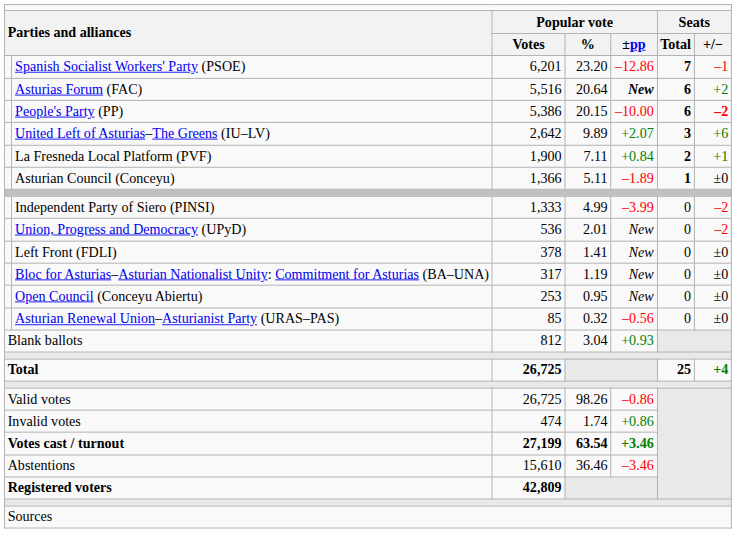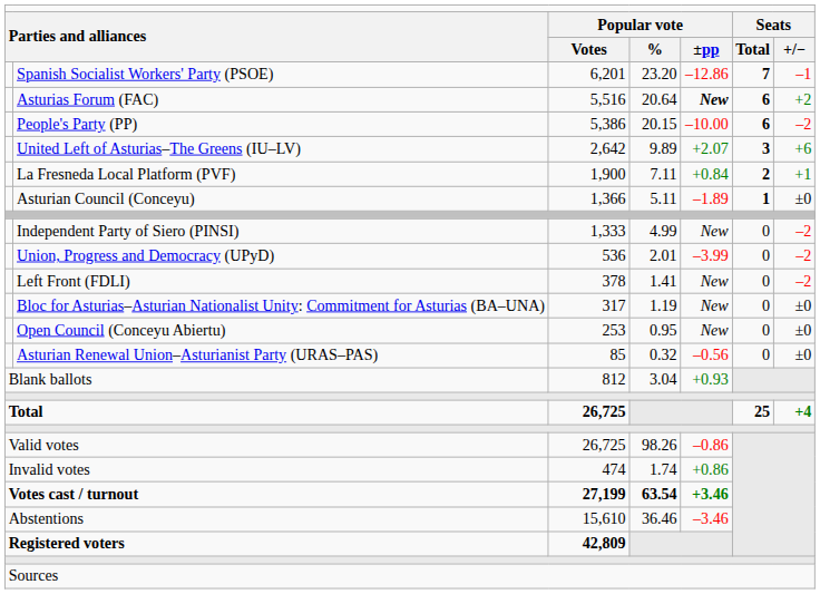 <table class="wikitable" style="text-align:right;">
 <tr>
 <td colspan="7"></td>
 </tr>
 <tr>
 <th style="text-align:left;" rowspan="2" colspan="2" width="525">Parties and alliances</th>
 <th colspan="3">Popular vote</th>
 <th colspan="2">Seats</th>
 </tr>
 <tr>
 <th width="75">Votes</th>
 <th width="45">%</th>
 <th width="45">±<a href='#'>pp</a></th>
 <th width="35">Total</th>
 <th width="35">+/−</th>
 </tr>
 <tr>
 <td width="1" style="color:inherit;background:"></td>
 <td align="left"><a href='#'>Spanish Socialist Workers' Party</a> (PSOE)</td>
 <td>6,201</td>
 <td>23.20</td>
 <td style="color:red;">–12.86</td>
 <td><strong>7</strong></td>
 <td style="color:red;">–1</td>
 </tr>
 <tr>
 <td style="color:inherit;background:"></td>
 <td align="left"><a href='#'>Asturias Forum</a> (FAC)</td>
 <td>5,516</td>
 <td>20.64</td>
 <td><strong><em>New</em></strong></td>
 <td><strong>6</strong></td>
 <td style="color:green;">+2</td>
 </tr>
 <tr>
 <td style="color:inherit;background:"></td>
 <td align="left"><a href='#'>People's Party</a> (PP)</td>
 <td>5,386</td>
 <td>20.15</td>
 <td style="color:red;">–10.00</td>
 <td><strong>6</strong></td>
-<td style="color:red;"><strong>–2</strong></td>
+<td style="color:red;">–2</td>
 </tr>
 <tr>
 <td style="color:inherit;background:"></td>
 <td align="left"><a href='#'>United Left of Asturias</a>–<a href='#'>The Greens</a> (IU–LV)</td>
 <td>2,642</td>
 <td>9.89</td>
 <td style="color:green;">+2.07</td>
 <td><strong>3</strong></td>
 <td style="color:green;">+6</td>
 </tr>
 <tr>
 <td style="color:inherit;background:"></td>
 <td align="left">La Fresneda Local Platform (PVF)</td>
 <td>1,900</td>
 <td>7.11</td>
 <td style="color:green;">+0.84</td>
 <td><strong>2</strong></td>
 <td style="color:green;">+1</td>
 </tr>
 <tr>
 <td style="color:inherit;background:"></td>
 <td align="left">Asturian Council (Conceyu)</td>
 <td>1,366</td>
 <td>5.11</td>
 <td style="color:red;">–1.89</td>
 <td><strong>1</strong></td>
 <td>±0</td>
 </tr>
 <tr>
 <td colspan="7" bgcolor="#C0C0C0"></td>
 </tr>
 <tr>
 <td style="color:inherit;background:"></td>
 <td align="left">Independent Party of Siero (PINSI)</td>
 <td>1,333</td>
 <td>4.99</td>
-<td style="color:red;">–3.99</td>
+<td><em>New</em></td>
 <td>0</td>
 <td style="color:red;">–2</td>
 </tr>
 <tr>
 <td style="color:inherit;background:"></td>
 <td align="left"><a href='#'>Union, Progress and Democracy</a> (UPyD)</td>
 <td>536</td>
 <td>2.01</td>
-<td><em>New</em></td>
+<td style="color:red;">–3.99</td>
 <td>0</td>
 <td style="color:red;">–2</td>
 </tr>
 <tr>
 <td style="color:inherit;background:"></td>
 <td align="left">Left Front (FDLI)</td>
 <td>378</td>
 <td>1.41</td>
 <td><em>New</em></td>
 <td>0</td>
-<td>±0</td>
+<td style="color:red;">–2</td>
 </tr>
 <tr>
 <td style="color:inherit;background:"></td>
 <td align="left"><a href='#'>Bloc for Asturias</a>–<a href='#'>Asturian Nationalist Unity</a>: <a href='#'>Commitment for Asturias</a> (BA–UNA)</td>
 <td>317</td>
 <td>1.19</td>
 <td><em>New</em></td>
 <td>0</td>
 <td>±0</td>
 </tr>
 <tr>
 <td style="color:inherit;background:"></td>
 <td align="left"><a href='#'>Open Council</a> (Conceyu Abiertu)</td>
 <td>253</td>
 <td>0.95</td>
 <td><em>New</em></td>
 <td>0</td>
 <td>±0</td>
 </tr>
 <tr>
 <td style="color:inherit;background:"></td>
 <td align="left"><a href='#'>Asturian Renewal Union</a>–<a href='#'>Asturianist Party</a> (URAS–PAS)</td>
 <td>85</td>
 <td>0.32</td>
 <td style="color:red;">–0.56</td>
 <td>0</td>
 <td>±0</td>
 </tr>
 <tr>
 <td align="left" colspan="2">Blank ballots</td>
 <td>812</td>
 <td>3.04</td>
 <td style="color:green;">+0.93</td>
 <td bgcolor="#E9E9E9" colspan="2"></td>
 </tr>
 <tr>
 <td colspan="7" bgcolor="#E9E9E9"></td>
 </tr>
 <tr style="font-weight:bold;">
 <td align="left" colspan="2">Total</td>
 <td>26,725</td>
 <td bgcolor="#E9E9E9" colspan="2"></td>
 <td>25</td>
 <td style="color:green;">+4</td>
 </tr>
 <tr>
 <td colspan="7" bgcolor="#E9E9E9"></td>
 </tr>
 <tr>
 <td align="left" colspan="2">Valid votes</td>
 <td>26,725</td>
 <td>98.26</td>
 <td style="color:red;">–0.86</td>
 <td bgcolor="#E9E9E9" colspan="2" rowspan="5"></td>
 </tr>
 <tr>
 <td align="left" colspan="2">Invalid votes</td>
 <td>474</td>
 <td>1.74</td>
 <td style="color:green;">+0.86</td>
 </tr>
 <tr style="font-weight:bold;">
 <td align="left" colspan="2">Votes cast / turnout</td>
 <td>27,199</td>
 <td>63.54</td>
 <td style="color:green;">+3.46</td>
 </tr>
 <tr>
 <td align="left" colspan="2">Abstentions</td>
 <td>15,610</td>
 <td>36.46</td>
 <td style="color:red;">–3.46</td>
 </tr>
 <tr style="font-weight:bold;">
 <td align="left" colspan="2">Registered voters</td>
 <td>42,809</td>
 <td bgcolor="#E9E9E9" colspan="2"></td>
 </tr>
 <tr>
 <td colspan="7" bgcolor="#E9E9E9"></td>
 </tr>
 <tr>
 <td align="left" colspan="7">Sources</td>
 </tr>
 </table>
